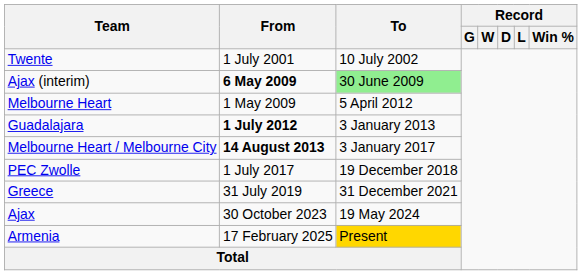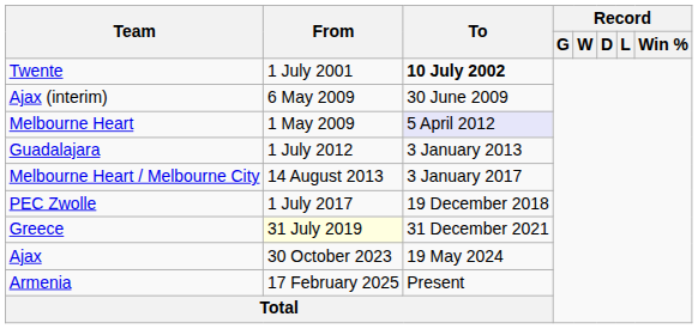 <table class="wikitable" style="text-align: center">
 <tr>
 <th rowspan="2">Team</th>
 <th rowspan="2">From</th>
 <th rowspan="2">To</th>
 <th colspan="5">Record</th>
 </tr>
 <tr>
 <th>G</th>
 <th>W</th>
 <th>D</th>
 <th>L</th>
 <th>Win %</th>
 </tr>
 <tr>
 <td align=left><a href='#'>Twente</a></td>
 <td align=left>1 July 2001</td>
-<td align=left>10 July 2002<br></td>
+<td align=left><strong>10 July 2002<br></strong></td>
 </tr>
 <tr>
 <td align=left><a href='#'>Ajax</a> (interim)</td>
-<td align=left><strong>6 May 2009</strong></td>
-<td align=left style="background: lightgreen;">30 June 2009<br></td>
+<td align=left>6 May 2009</td>
+<td align=left>30 June 2009<br></td>
 </tr>
 <tr>
 <td align=left><a href='#'>Melbourne Heart</a></td>
 <td align=left>1 May 2009</td>
-<td align=left>5 April 2012<br></td>
+<td align=left style="background: lavender;">5 April 2012<br></td>
 </tr>
 <tr>
 <td align=left><a href='#'>Guadalajara</a></td>
-<td align=left><strong>1 July 2012</strong></td>
+<td align=left>1 July 2012</td>
 <td align=left>3 January 2013<br></td>
 </tr>
 <tr>
 <td align=left><a href='#'>Melbourne Heart / Melbourne City</a></td>
-<td align=left><strong>14 August 2013</strong></td>
+<td align=left>14 August 2013</td>
 <td align=left>3 January 2017<br></td>
 </tr>
 <tr>
 <td align=left><a href='#'>PEC Zwolle</a></td>
 <td align=left>1 July 2017</td>
 <td align=left>19 December 2018<br></td>
 </tr>
 <tr>
 <td align=left><a href='#'>Greece</a></td>
-<td align=left>31 July 2019</td>
+<td align=left style="background: lightyellow;">31 July 2019</td>
 <td align=left>31 December 2021<br></td>
 </tr>
 <tr>
 <td align=left><a href='#'>Ajax</a></td>
 <td align=left>30 October 2023</td>
 <td align=left>19 May 2024<br></td>
 </tr>
 <tr>
 <td align=left><a href='#'>Armenia</a></td>
 <td align=left>17 February 2025</td>
-<td align=left style="background: gold;">Present<br></td>
+<td align=left>Present<br></td>
 </tr>
 <tr>
 <th colspan="3">Total<br></th>
 </tr>
 </table>
